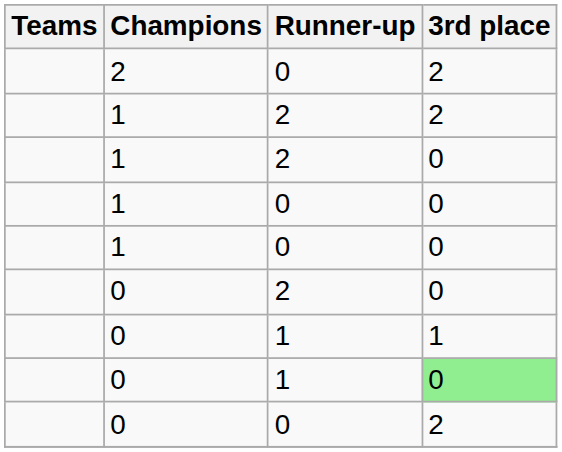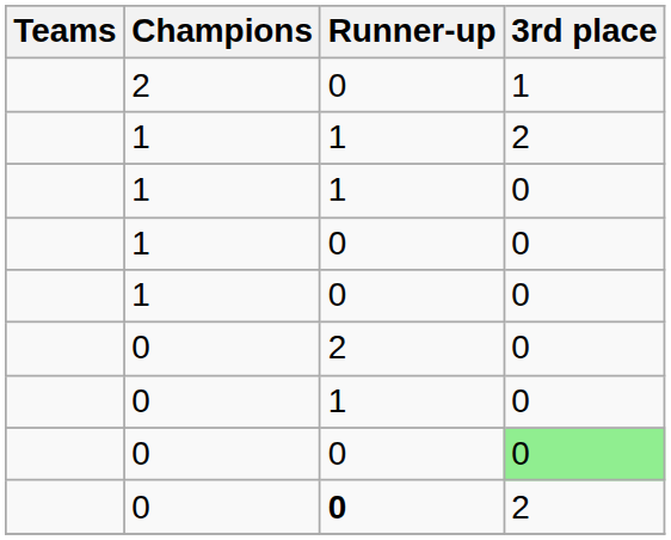 <table class="wikitable sortable">
 <tr>
 <th>Teams</th>
 <th>Champions</th>
 <th>Runner-up</th>
 <th>3rd place</th>
 </tr>
 <tr>
 <td></td>
 <td>2</td>
 <td>0</td>
+<td>1</td>
+</tr>
+<tr>
+<td></td>
+<td>1</td>
+<td>1</td>
 <td>2</td>
 </tr>
 <tr>
 <td></td>
 <td>1</td>
-<td>2</td>
-<td>2</td>
-</tr>
-<tr>
-<td></td>
 <td>1</td>
-<td>2</td>
 <td>0</td>
 </tr>
 <tr>
 <td></td>
 <td>1</td>
 <td>0</td>
 <td>0</td>
 </tr>
 <tr>
 <td></td>
 <td>1</td>
 <td>0</td>
 <td>0</td>
 </tr>
 <tr>
 <td></td>
 <td>0</td>
 <td>2</td>
 <td>0</td>
 </tr>
 <tr>
 <td></td>
 <td>0</td>
 <td>1</td>
-<td>1</td>
+<td>0</td>
 </tr>
 <tr>
 <td></td>
 <td>0</td>
-<td>1</td>
+<td>0</td>
 <td style="background: lightgreen;">0</td>
 </tr>
 <tr>
 <td></td>
 <td>0</td>
-<td>0</td>
+<td><strong>0</strong></td>
 <td>2</td>
 </tr>
 <tr>
 </tr>
 </table>
